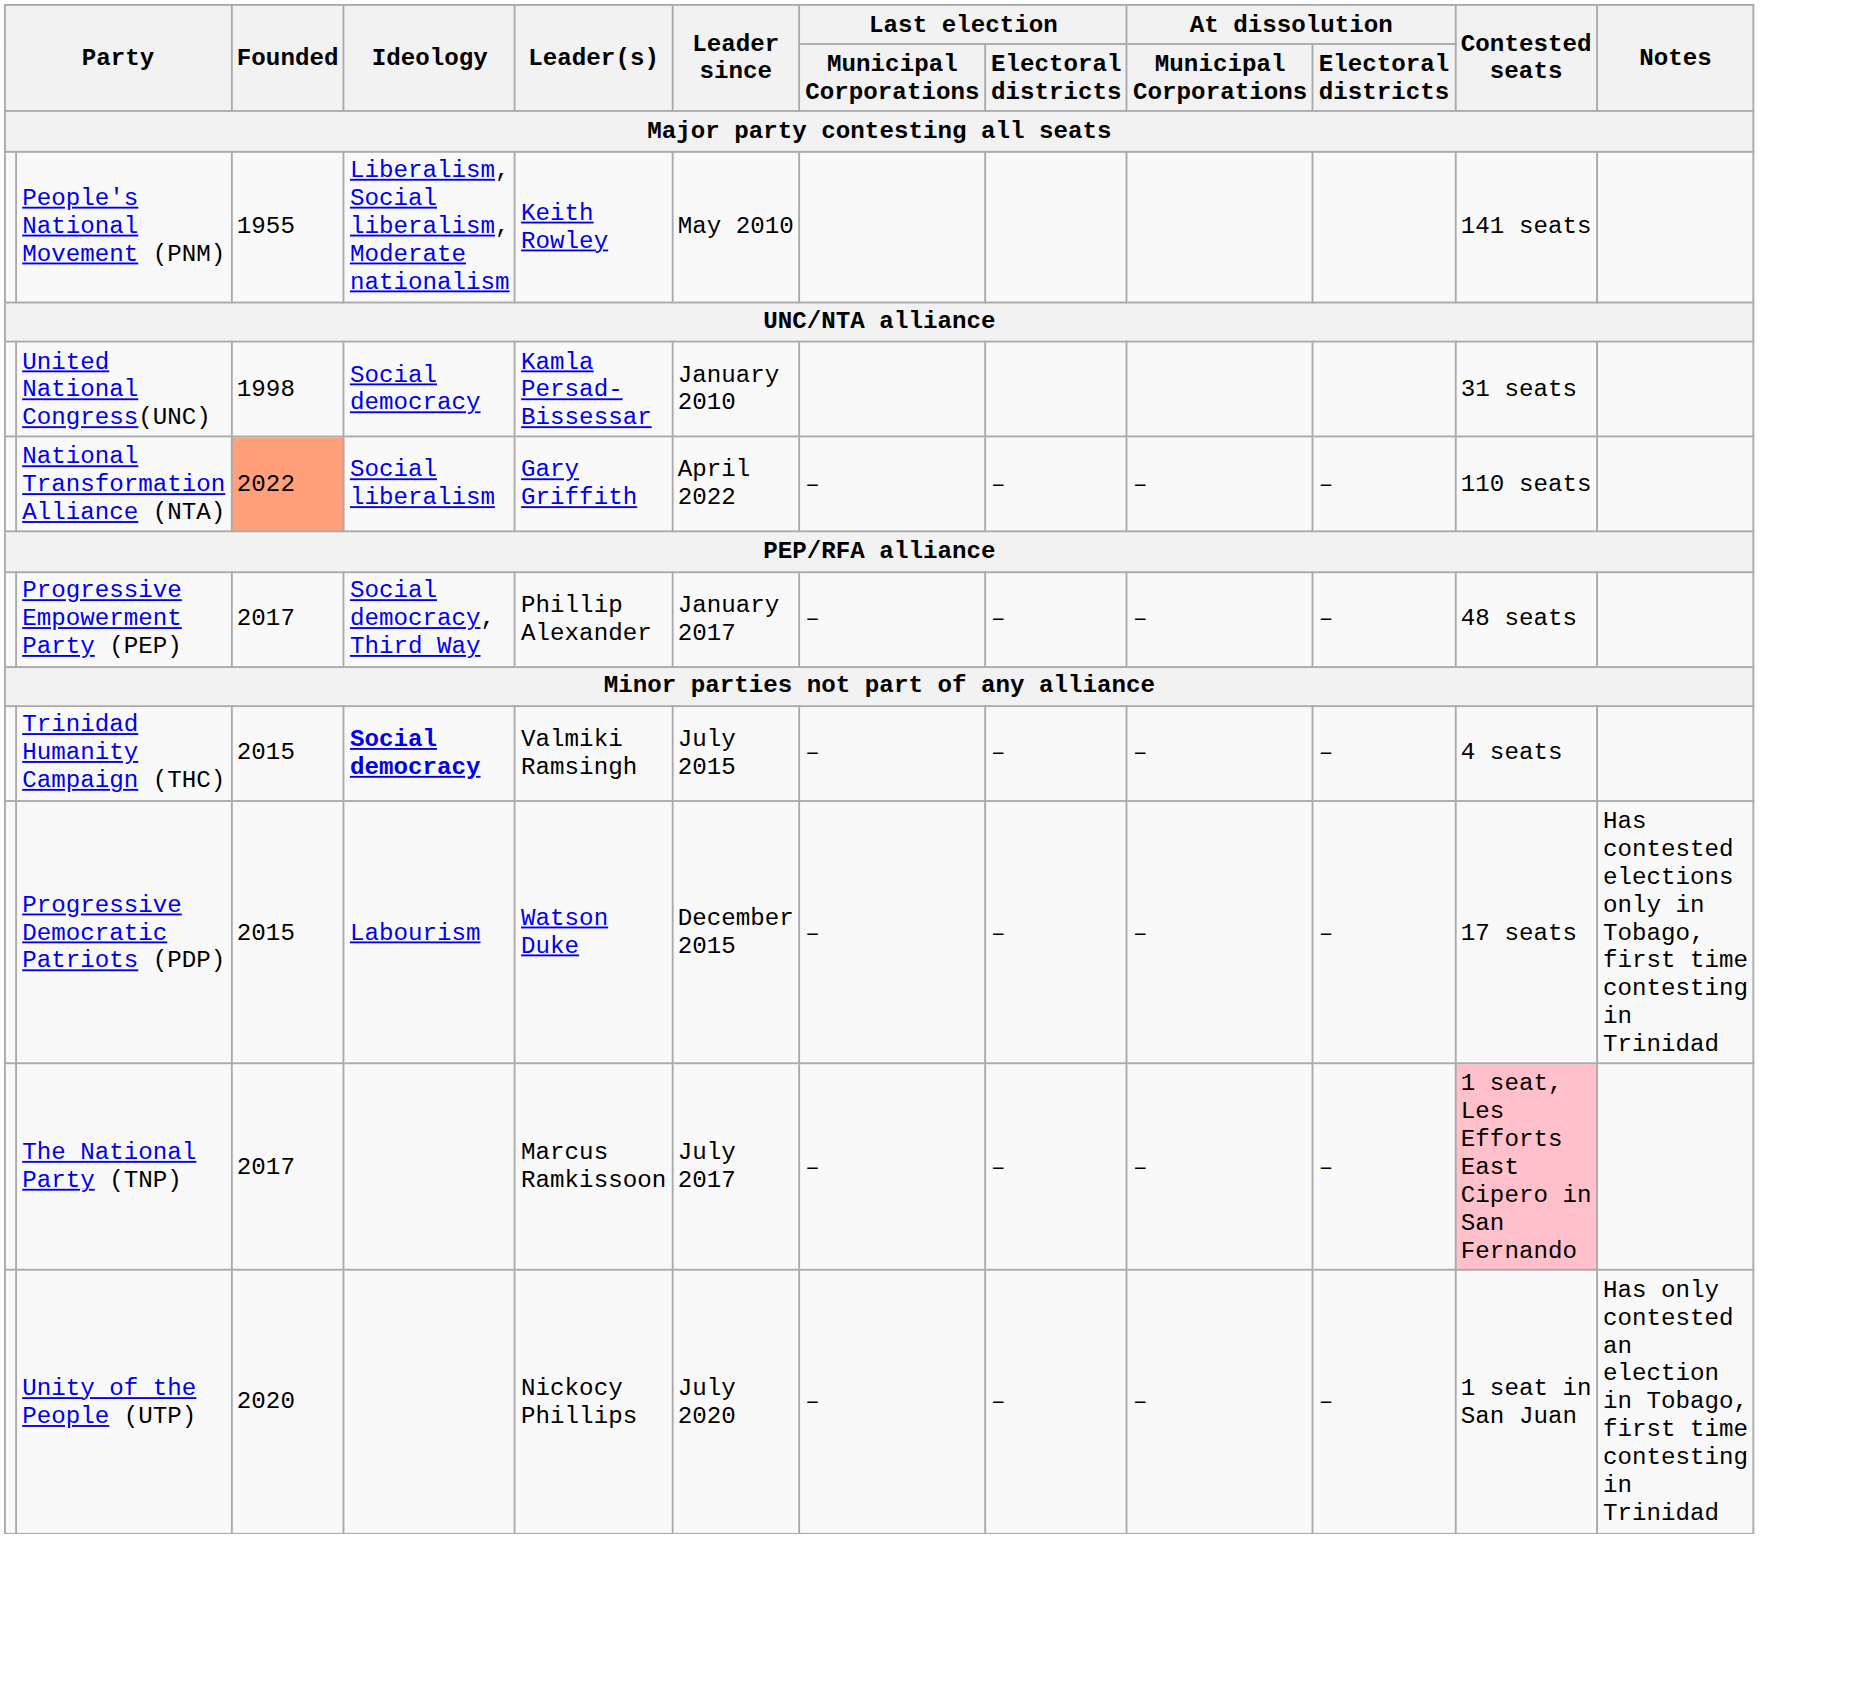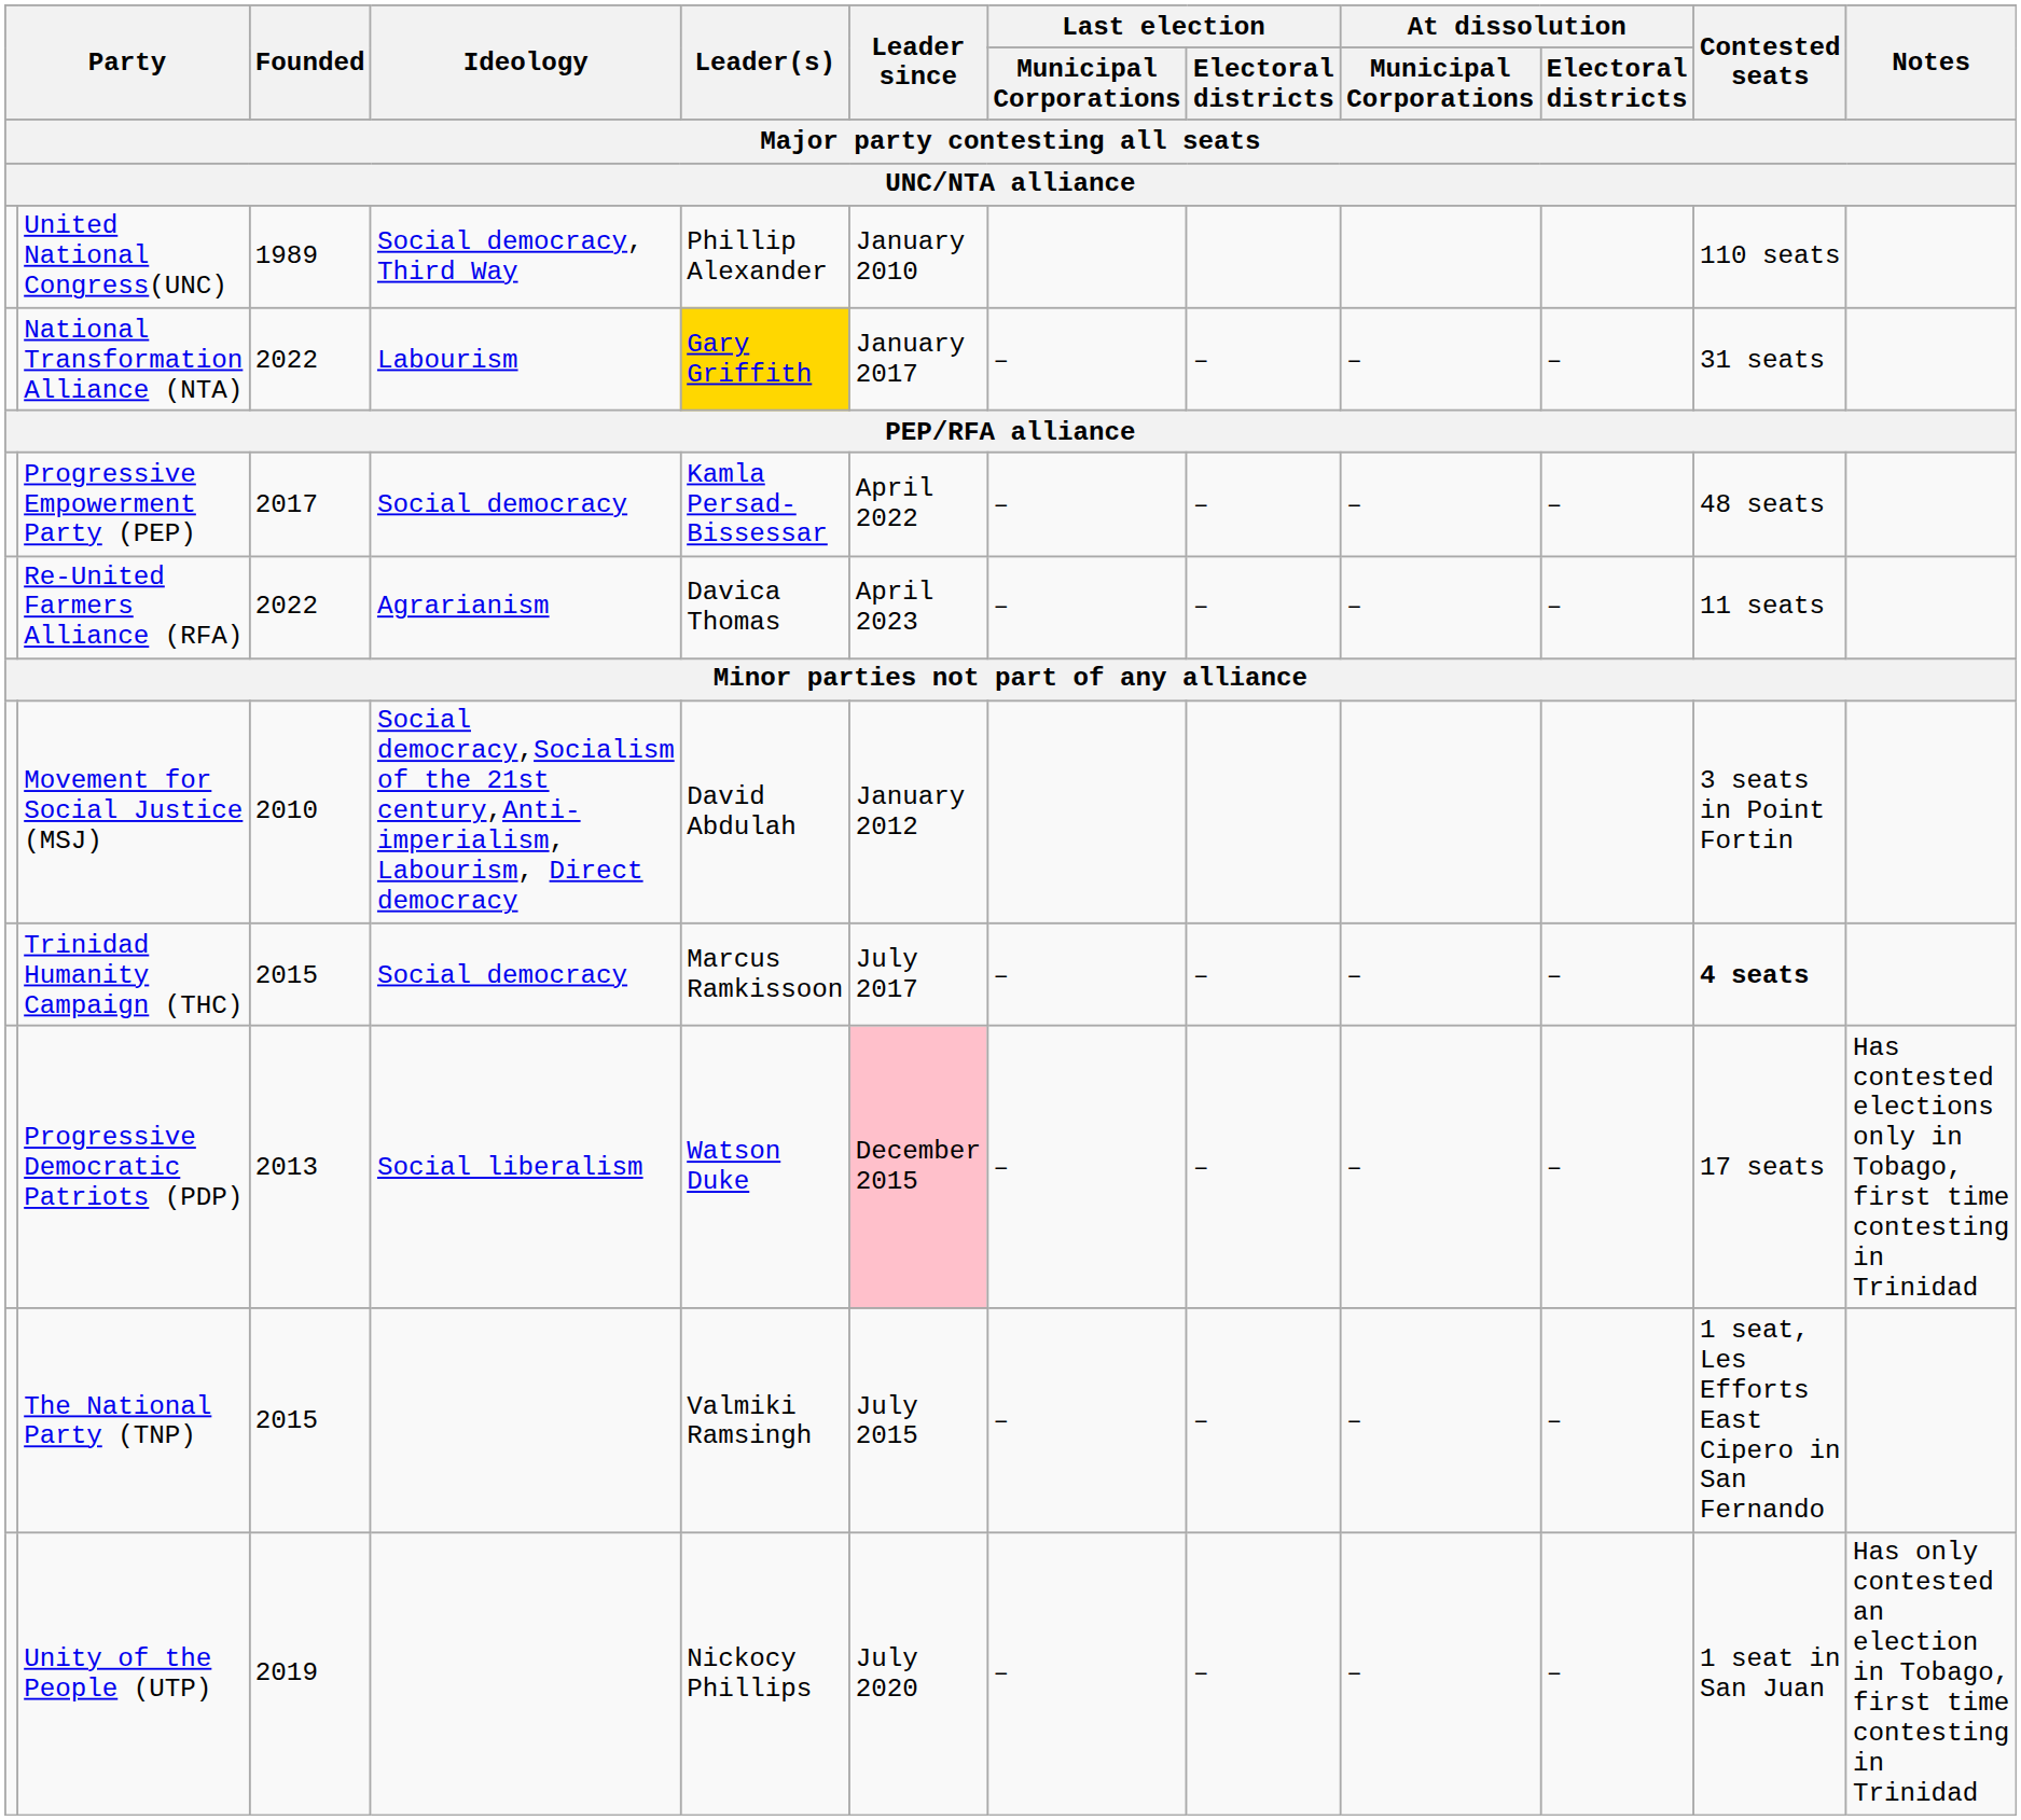 <table class="wikitable sortable">
 <tr>
 <th colspan="2" rowspan="2" style="width:16em;">Party</th>
 <th rowspan="2">Founded</th>
 <th rowspan="2">Ideology</th>
 <th rowspan="2">Leader(s)</th>
 <th rowspan="2">Leader since</th>
 <th colspan="2">Last election</th>
 <th colspan="2">At dissolution</th>
 <th rowspan="2">Contested seats</th>
 <th rowspan="2">Notes</th>
 </tr>
 <tr>
 <th>Municipal Corporations</th>
 <th>Electoral districts</th>
 <th>Municipal Corporations</th>
 <th>Electoral districts</th>
 </tr>
 <tr>
 <th colspan="12"><strong>Major party contesting all seats</strong></th>
 </tr>
 <tr>
-<td></td>
-<td><a href='#'>People's National Movement</a> (PNM)</td>
-<td>1955</td>
-<td><a href='#'>Liberalism</a>, <a href='#'>Social liberalism</a>,  <a href='#'>Moderate nationalism</a></td>
-<td><a href='#'>Keith Rowley</a></td>
-<td>May 2010</td>
-<td></td>
-<td></td>
-<td></td>
-<td></td>
-<td>141 seats</td>
-<td></td>
-</tr>
-<tr>
 <th colspan="12">UNC/NTA alliance</th>
 </tr>
 <tr>
 <td></td>
 <td><a href='#'>United National Congress</a>(UNC)</td>
-<td>1998</td>
-<td><a href='#'>Social democracy</a></td>
-<td><a href='#'>Kamla Persad-Bissessar</a></td>
+<td>1989</td>
+<td><a href='#'>Social democracy</a>, <a href='#'>Third Way</a></td>
+<td>Phillip Alexander</td>
 <td>January 2010</td>
 <td></td>
 <td></td>
 <td></td>
 <td> </td>
-<td>31 seats</td>
+<td>110 seats</td>
 <td></td>
 </tr>
 <tr>
 <td></td>
 <td><a href='#'>National Transformation Alliance</a> (NTA)</td>
-<td style="background: lightsalmon;">2022</td>
-<td><a href='#'>Social liberalism</a></td>
-<td><a href='#'>Gary Griffith</a></td>
-<td>April 2022</td>
+<td>2022</td>
+<td><a href='#'>Labourism</a></td>
+<td style="background: gold;"><a href='#'>Gary Griffith</a></td>
+<td>January 2017</td>
 <td>–</td>
 <td>–</td>
 <td>–</td>
 <td>–</td>
-<td>110 seats</td>
+<td>31 seats</td>
 <td></td>
 </tr>
 <tr>
 <th colspan="12">PEP/RFA alliance</th>
 </tr>
 <tr>
 <td></td>
 <td><a href='#'>Progressive Empowerment Party</a> (PEP)</td>
 <td>2017</td>
-<td><a href='#'>Social democracy</a>, <a href='#'>Third Way</a></td>
-<td>Phillip Alexander</td>
-<td>January 2017</td>
+<td><a href='#'>Social democracy</a></td>
+<td><a href='#'>Kamla Persad-Bissessar</a></td>
+<td>April 2022</td>
 <td>–</td>
 <td>–</td>
 <td>–</td>
 <td>–</td>
 <td>48 seats</td>
 <td></td>
 </tr>
 <tr>
+<td style="color:inherit;background:"></td>
+<td><a href='#'>Re-United Farmers Alliance</a> (RFA)</td>
+<td>2022</td>
+<td><a href='#'>Agrarianism</a></td>
+<td>Davica Thomas</td>
+<td>April 2023</td>
+<td>–</td>
+<td>–</td>
+<td>–</td>
+<td>–</td>
+<td>11 seats</td>
+<td></td>
+</tr>
+<tr>
 <th colspan="12">Minor parties not part of any alliance</th>
+</tr>
+<tr>
+<td></td>
+<td><a href='#'>Movement for Social Justice</a> (MSJ)</td>
+<td>2010</td>
+<td><a href='#'>Social democracy</a>,<a href='#'>Socialism of the 21st century</a>,<a href='#'>Anti-imperialism</a>, <a href='#'>Labourism</a>, <a href='#'>Direct democracy</a></td>
+<td>David Abdulah</td>
+<td>January 2012</td>
+<td></td>
+<td></td>
+<td></td>
+<td></td>
+<td>3 seats in Point Fortin</td>
+<td></td>
 </tr>
 <tr>
 <td></td>
 <td><a href='#'>Trinidad Humanity Campaign</a> (THC)</td>
 <td>2015</td>
-<td><strong><a href='#'>Social democracy</a></strong></td>
-<td>Valmiki Ramsingh</td>
-<td>July 2015</td>
+<td><a href='#'>Social democracy</a></td>
+<td>Marcus Ramkissoon</td>
+<td>July 2017</td>
 <td>–</td>
 <td>–</td>
 <td>–</td>
 <td>–</td>
-<td>4 seats</td>
+<td><strong>4 seats</strong></td>
 <td></td>
 </tr>
 <tr>
 <td></td>
 <td><a href='#'>Progressive Democratic Patriots</a> (PDP)</td>
-<td>2015</td>
-<td><a href='#'>Labourism</a></td>
+<td>2013</td>
+<td><a href='#'>Social liberalism</a></td>
 <td><a href='#'>Watson Duke</a></td>
-<td>December 2015</td>
+<td style="background: pink;">December 2015</td>
 <td>–</td>
 <td>–</td>
 <td>–</td>
 <td>–</td>
 <td>17 seats</td>
 <td>Has contested elections only in Tobago, first time contesting in Trinidad</td>
 </tr>
 <tr>
 <td style="color:inherit;background:"></td>
 <td><a href='#'>The National Party</a> (TNP)</td>
-<td>2017</td>
+<td>2015</td>
 <td></td>
-<td>Marcus Ramkissoon</td>
-<td>July 2017</td>
+<td>Valmiki Ramsingh</td>
+<td>July 2015</td>
 <td>–</td>
 <td>–</td>
 <td>–</td>
 <td>–</td>
-<td style="background: pink;">1 seat, Les Efforts East Cipero in San Fernando</td>
+<td>1 seat, Les Efforts East Cipero in San Fernando</td>
 <td></td>
 </tr>
 <tr>
 <td style="color:inherit;background:"></td>
 <td><a href='#'>Unity of the People</a> (UTP)</td>
-<td>2020</td>
+<td>2019</td>
 <td></td>
 <td>Nickocy Phillips</td>
 <td>July 2020</td>
 <td>–</td>
 <td>–</td>
 <td>–</td>
 <td>–</td>
 <td>1 seat in San Juan</td>
 <td>Has only contested an election in Tobago, first time contesting in Trinidad</td>
 </tr>
 </table>
